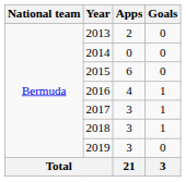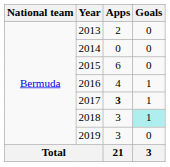 <table class="wikitable" style="text-align:center">
 <tr>
 <th>National team</th>
 <th>Year</th>
 <th>Apps</th>
 <th>Goals</th>
 </tr>
 <tr>
 <td rowspan="7"><a href='#'>Bermuda</a></td>
 <td>2013</td>
 <td>2</td>
 <td>0</td>
 </tr>
 <tr>
 <td>2014</td>
 <td>0</td>
 <td>0</td>
 </tr>
 <tr>
 <td>2015</td>
 <td>6</td>
 <td>0</td>
 </tr>
 <tr>
 <td>2016</td>
 <td>4</td>
 <td>1</td>
 </tr>
 <tr>
 <td>2017</td>
-<td>3</td>
+<td><strong>3</strong></td>
 <td>1</td>
 </tr>
 <tr>
 <td>2018</td>
 <td>3</td>
-<td>1</td>
+<td style="background: paleturquoise;">1</td>
 </tr>
 <tr>
 <td>2019</td>
 <td>3</td>
 <td>0</td>
 </tr>
 <tr>
 <th colspan=2>Total</th>
 <th>21</th>
 <th>3</th>
 </tr>
 </table>
